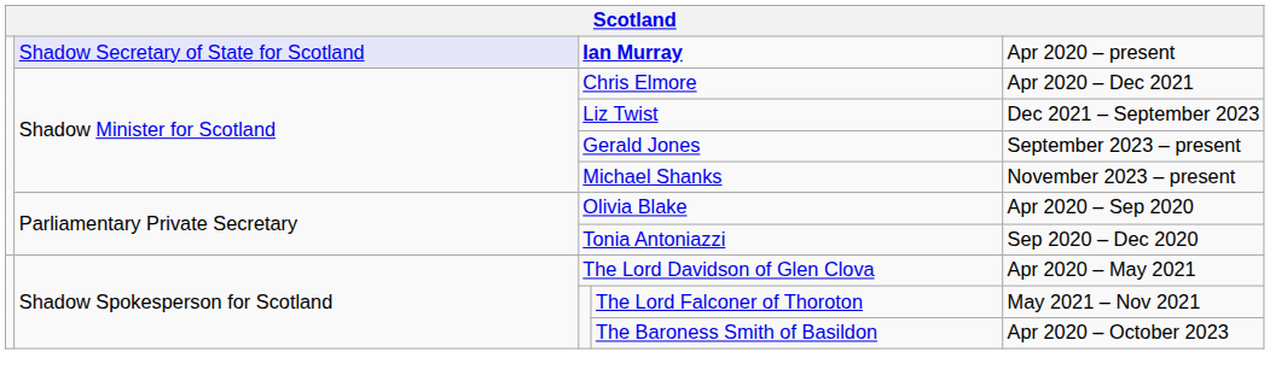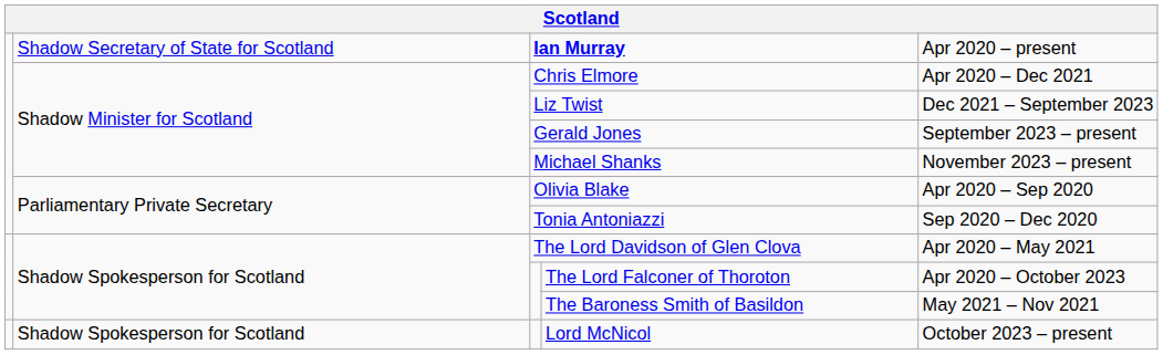 <table class="wikitable">
 <tr>
 <th colspan="5"><a href='#'>Scotland</a></th>
 </tr>
 <tr>
 <td rowspan="7" style="background: "></td>
-<td style="background: lavender; width: 450px;"><a href='#'>Shadow Secretary of State for Scotland</a></td>
+<td style="width: 450px;"><a href='#'>Shadow Secretary of State for Scotland</a></td>
 <td colspan="2" style="width: 337px;"><strong><a href='#'>Ian Murray</a></strong></td>
 <td>Apr 2020 – present</td>
 </tr>
 <tr>
 <td rowspan="4">Shadow <a href='#'>Minister for Scotland</a></td>
 <td colspan="2"><a href='#'>Chris Elmore</a></td>
 <td>Apr 2020 – Dec 2021</td>
 </tr>
 <tr>
 <td colspan="2"><a href='#'>Liz Twist</a></td>
 <td>Dec 2021 – September 2023</td>
 </tr>
 <tr>
 <td colspan="2"><a href='#'>Gerald Jones</a></td>
 <td>September 2023 – present</td>
 </tr>
 <tr>
 <td colspan="2"><a href='#'>Michael Shanks</a></td>
 <td>November 2023 – present</td>
 </tr>
 <tr>
 <td rowspan="2">Parliamentary Private Secretary</td>
 <td colspan="2"><a href='#'>Olivia Blake</a></td>
 <td>Apr 2020 – Sep 2020</td>
 </tr>
 <tr>
 <td colspan="2"><a href='#'>Tonia Antoniazzi</a></td>
 <td>Sep 2020 – Dec 2020</td>
 </tr>
 <tr>
 <td rowspan="3" style="background: "></td>
 <td rowspan="3">Shadow Spokesperson for Scotland</td>
 <td colspan="2"><a href='#'>The Lord Davidson of Glen Clova</a></td>
 <td>Apr 2020 – May 2021</td>
 </tr>
 <tr>
 <td rowspan="2" style="background: "></td>
 <td><a href='#'>The Lord Falconer of Thoroton</a></td>
+<td>Apr 2020 – October 2023</td>
+</tr>
+<tr>
+<td><a href='#'>The Baroness Smith of Basildon</a></td>
 <td>May 2021 – Nov 2021</td>
 </tr>
 <tr>
-<td><a href='#'>The Baroness Smith of Basildon</a></td>
-<td>Apr 2020 – October 2023</td>
+<td style="background: "></td>
+<td>Shadow Spokesperson for Scotland</td>
+<td></td>
+<td><a href='#'>Lord McNicol</a></td>
+<td>October 2023 – present</td>
 </tr>
 </table>
